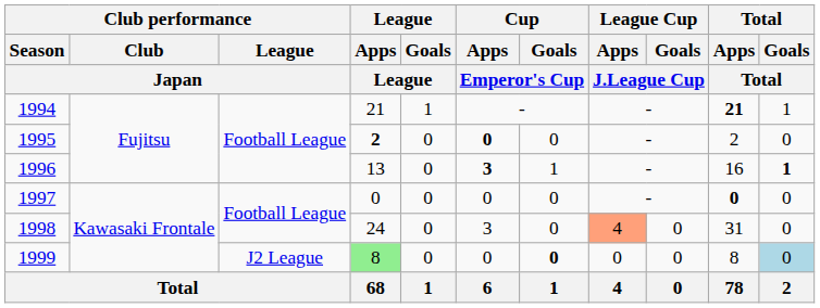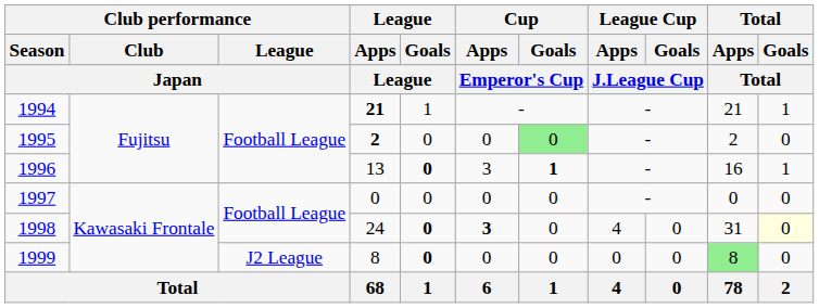 <table class="wikitable" style="text-align:center;">
 <tr>
 <th colspan=3>Club performance</th>
 <th colspan=2>League</th>
 <th colspan=2>Cup</th>
 <th colspan=2>League Cup</th>
 <th colspan=2>Total</th>
 </tr>
 <tr>
 <th>Season</th>
 <th>Club</th>
 <th>League</th>
 <th>Apps</th>
 <th>Goals</th>
 <th>Apps</th>
 <th>Goals</th>
 <th>Apps</th>
 <th>Goals</th>
 <th>Apps</th>
 <th>Goals</th>
 </tr>
 <tr>
 <th colspan=3>Japan</th>
 <th colspan=2>League</th>
 <th colspan=2><a href='#'>Emperor's Cup</a></th>
 <th colspan=2><a href='#'>J.League Cup</a></th>
 <th colspan=2>Total</th>
 </tr>
 <tr>
 <td><a href='#'>1994</a></td>
 <td rowspan="3"><a href='#'>Fujitsu</a></td>
 <td rowspan="3"><a href='#'>Football League</a></td>
-<td>21</td>
+<td><strong>21</strong></td>
 <td>1</td>
 <td colspan="2">-</td>
 <td colspan="2">-</td>
-<td><strong>21</strong></td>
+<td>21</td>
 <td>1</td>
 </tr>
 <tr>
 <td><a href='#'>1995</a></td>
 <td><strong>2</strong></td>
 <td>0</td>
-<td><strong>0</strong></td>
 <td>0</td>
+<td style="background: lightgreen;">0</td>
 <td colspan="2">-</td>
 <td>2</td>
 <td>0</td>
 </tr>
 <tr>
 <td><a href='#'>1996</a></td>
 <td>13</td>
-<td>0</td>
-<td><strong>3</strong></td>
-<td>1</td>
+<td><strong>0</strong></td>
+<td>3</td>
+<td><strong>1</strong></td>
 <td colspan="2">-</td>
 <td>16</td>
-<td><strong>1</strong></td>
+<td>1</td>
 </tr>
 <tr>
 <td><a href='#'>1997</a></td>
 <td rowspan="3"><a href='#'>Kawasaki Frontale</a></td>
 <td rowspan="2"><a href='#'>Football League</a></td>
 <td>0</td>
 <td>0</td>
 <td>0</td>
 <td>0</td>
 <td colspan="2">-</td>
-<td><strong>0</strong></td>
+<td>0</td>
 <td>0</td>
 </tr>
 <tr>
 <td><a href='#'>1998</a></td>
 <td>24</td>
+<td><strong>0</strong></td>
+<td><strong>3</strong></td>
 <td>0</td>
-<td>3</td>
-<td>0</td>
-<td style="background: lightsalmon;">4</td>
+<td>4</td>
 <td>0</td>
 <td>31</td>
-<td>0</td>
+<td style="background: lightyellow;">0</td>
 </tr>
 <tr>
 <td><a href='#'>1999</a></td>
 <td><a href='#'>J2 League</a></td>
-<td style="background: lightgreen;">8</td>
-<td>0</td>
-<td>0</td>
+<td>8</td>
 <td><strong>0</strong></td>
 <td>0</td>
 <td>0</td>
-<td>8</td>
-<td style="background: lightblue;">0</td>
+<td>0</td>
+<td>0</td>
+<td style="background: lightgreen;">8</td>
+<td>0</td>
 </tr>
 <tr>
 <th colspan=3>Total</th>
 <th>68</th>
 <th>1</th>
 <th>6</th>
 <th>1</th>
 <th>4</th>
 <th>0</th>
 <th>78</th>
 <th>2</th>
 </tr>
 </table>
